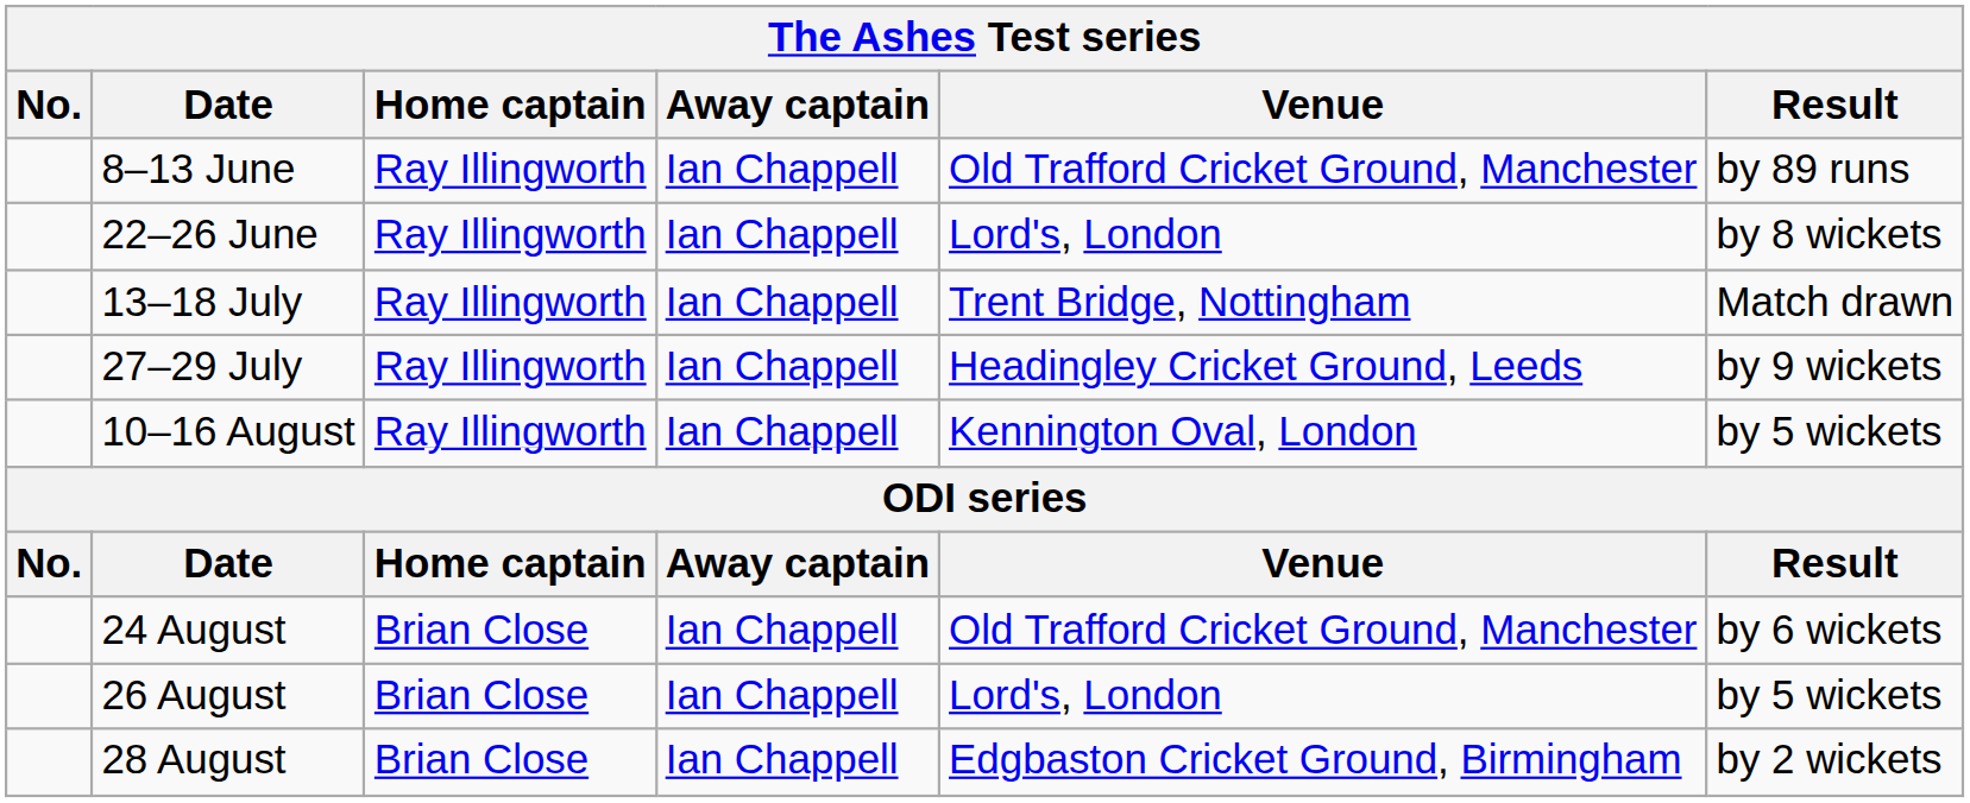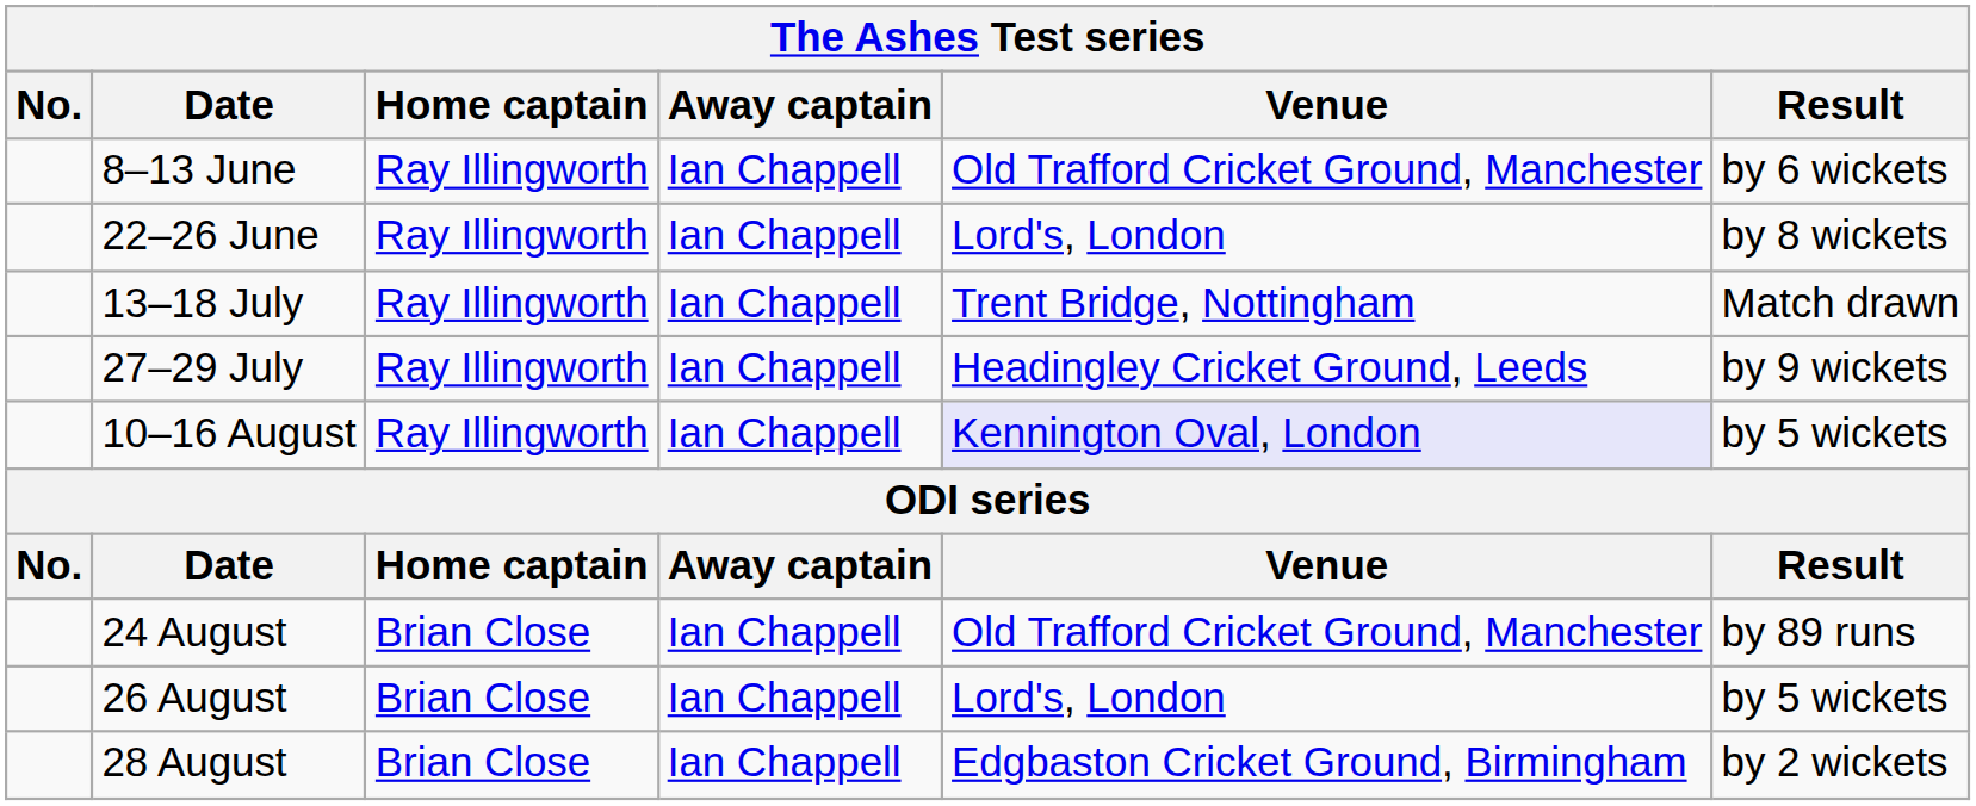 <table class="wikitable">
 <tr>
 <th colspan="9"><a href='#'>The Ashes</a> Test series</th>
 </tr>
 <tr>
 <th>No.</th>
 <th>Date</th>
 <th>Home captain</th>
 <th>Away captain</th>
 <th>Venue</th>
 <th>Result</th>
 </tr>
 <tr>
 <td></td>
 <td>8–13 June</td>
 <td><a href='#'>Ray Illingworth</a></td>
 <td><a href='#'>Ian Chappell</a></td>
 <td><a href='#'>Old Trafford Cricket Ground</a>, <a href='#'>Manchester</a></td>
-<td> by 89 runs</td>
+<td> by 6 wickets</td>
 </tr>
 <tr>
 <td></td>
 <td>22–26 June</td>
 <td><a href='#'>Ray Illingworth</a></td>
 <td><a href='#'>Ian Chappell</a></td>
 <td><a href='#'>Lord's</a>, <a href='#'>London</a></td>
 <td> by 8 wickets</td>
 </tr>
 <tr>
 <td></td>
 <td>13–18 July</td>
 <td><a href='#'>Ray Illingworth</a></td>
 <td><a href='#'>Ian Chappell</a></td>
 <td><a href='#'>Trent Bridge</a>, <a href='#'>Nottingham</a></td>
 <td>Match drawn</td>
 </tr>
 <tr>
 <td></td>
 <td>27–29 July</td>
 <td><a href='#'>Ray Illingworth</a></td>
 <td><a href='#'>Ian Chappell</a></td>
 <td><a href='#'>Headingley Cricket Ground</a>, <a href='#'>Leeds</a></td>
 <td> by 9 wickets</td>
 </tr>
 <tr>
 <td></td>
 <td>10–16 August</td>
 <td><a href='#'>Ray Illingworth</a></td>
 <td><a href='#'>Ian Chappell</a></td>
-<td><a href='#'>Kennington Oval</a>, <a href='#'>London</a></td>
+<td style="background: lavender;"><a href='#'>Kennington Oval</a>, <a href='#'>London</a></td>
 <td> by 5 wickets</td>
 </tr>
 <tr>
 <th colspan="9">ODI series</th>
 </tr>
 <tr>
 <th>No.</th>
 <th>Date</th>
 <th>Home captain</th>
 <th>Away captain</th>
 <th>Venue</th>
 <th>Result</th>
 </tr>
 <tr>
 <td></td>
 <td>24 August</td>
 <td><a href='#'>Brian Close</a></td>
 <td><a href='#'>Ian Chappell</a></td>
 <td><a href='#'>Old Trafford Cricket Ground</a>, <a href='#'>Manchester</a></td>
-<td> by 6 wickets</td>
+<td> by 89 runs</td>
 </tr>
 <tr>
 <td></td>
 <td>26 August</td>
 <td><a href='#'>Brian Close</a></td>
 <td><a href='#'>Ian Chappell</a></td>
 <td><a href='#'>Lord's</a>, <a href='#'>London</a></td>
 <td> by 5 wickets</td>
 </tr>
 <tr>
 <td></td>
 <td>28 August</td>
 <td><a href='#'>Brian Close</a></td>
 <td><a href='#'>Ian Chappell</a></td>
 <td><a href='#'>Edgbaston Cricket Ground</a>, <a href='#'>Birmingham</a></td>
 <td> by 2 wickets</td>
 </tr>
 </table>
